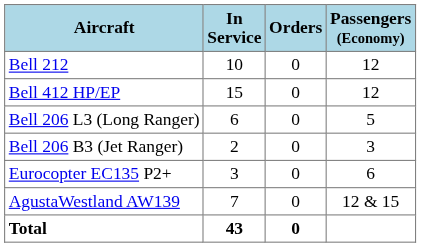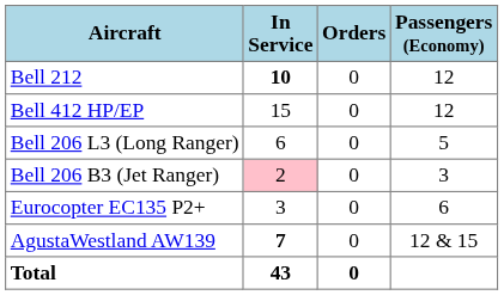 <table class="toccolours" border="1" cellpadding="3" style="border-collapse:collapse;margin:auto;">
 <tr style="background:lightblue;">
 <th>Aircraft</th>
 <th>In<br>Service</th>
 <th>Orders</th>
 <th>Passengers<br><small>(Economy)</small></th>
 </tr>
 <tr>
 <td><a href='#'>Bell 212</a></td>
-<td align="center">10</td>
+<td align="center"><strong>10</strong></td>
 <td align="center">0</td>
 <td align="center">12</td>
 </tr>
 <tr>
 <td><a href='#'>Bell 412 HP/EP</a></td>
 <td align="center">15</td>
 <td align="center">0</td>
 <td align="center">12</td>
 </tr>
 <tr>
 <td><a href='#'>Bell 206</a> L3 (Long Ranger)</td>
 <td align="center">6</td>
 <td align="center">0</td>
 <td align="center">5</td>
 </tr>
 <tr>
 <td><a href='#'>Bell 206</a> B3 (Jet Ranger)</td>
-<td align="center">2</td>
+<td align="center" style="background: pink;">2</td>
 <td align="center">0</td>
 <td align="center">3</td>
 </tr>
 <tr>
 <td><a href='#'>Eurocopter EC135</a> P2+</td>
 <td align="center">3</td>
 <td align="center">0</td>
 <td align="center">6</td>
 </tr>
 <tr>
 <td><a href='#'>AgustaWestland AW139</a></td>
-<td align="center">7</td>
+<td align="center"><strong>7</strong></td>
 <td align="center">0</td>
 <td align="center">12 & 15</td>
 </tr>
 <tr>
 <td><strong>Total</strong></td>
 <th>43</th>
 <th>0</th>
 </tr>
 </table>
